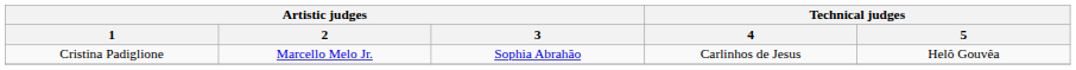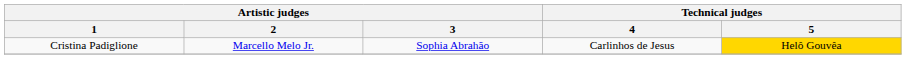 <table class="wikitable" style="font-size:100%; line-height:16px; text-align:center" width="100%">
 <tr>
 <th colspan=3>Artistic judges</th>
 <th colspan=2>Technical judges</th>
 </tr>
 <tr>
 <th width="20.0%">1</th>
 <th width="20.0%">2</th>
 <th width="20.0%">3</th>
 <th width="20.0%">4</th>
 <th width="20.0%">5</th>
 </tr>
 <tr>
 <td>Cristina Padiglione</td>
 <td><a href='#'>Marcello Melo Jr.</a></td>
 <td><a href='#'>Sophia Abrahão</a></td>
 <td>Carlinhos de Jesus</td>
-<td>Helô Gouvêa</td>
+<td style="background: gold;">Helô Gouvêa</td>
 </tr>
 <tr>
 </tr>
 </table>
